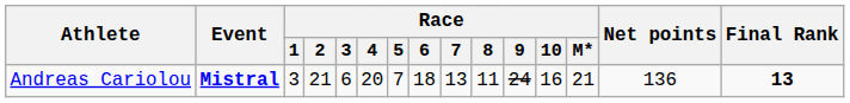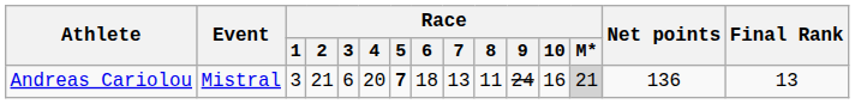 <table class="wikitable" style="font-size:90%">
 <tr>
 <th rowspan="2">Athlete</th>
 <th rowspan="2">Event</th>
 <th colspan=11>Race</th>
 <th rowspan=2>Net points</th>
 <th rowspan=2>Final Rank</th>
 </tr>
 <tr style="font-size:95%">
 <th>1</th>
 <th>2</th>
 <th>3</th>
 <th>4</th>
 <th>5</th>
 <th>6</th>
 <th>7</th>
 <th>8</th>
 <th>9</th>
 <th>10</th>
 <th>M*</th>
 </tr>
 <tr align=center>
 <td align=left><a href='#'>Andreas Cariolou</a></td>
-<td align=left><strong><a href='#'>Mistral</a></strong></td>
+<td align=left><a href='#'>Mistral</a></td>
 <td>3</td>
 <td>21</td>
 <td>6</td>
 <td>20</td>
-<td>7</td>
+<td><strong>7</strong></td>
 <td>18</td>
 <td>13</td>
 <td>11</td>
 <td><s>24</s></td>
 <td>16</td>
-<td>21</td>
+<td style="background: lightgrey;">21</td>
 <td>136</td>
-<td><strong>13</strong></td>
+<td>13</td>
 </tr>
 </table>
